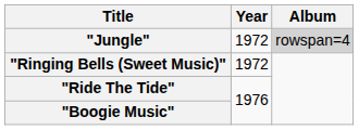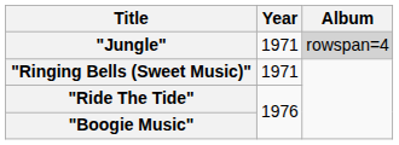 <table class="wikitable plainrowheaders" style="text-align:center;">
 <tr>
 <th scope="col" rowspan="1" style="width:14.5em;">Title</th>
 <th scope="col" rowspan="1" style="width:1em;">Year</th>
 <th rowspan="1" scope="col">Album</th>
 </tr>
 <tr>
 <th scope="row">"Jungle"</th>
-<td>1972</td>
+<td>1971</td>
 <td style="background: lightgrey;">rowspan=4 </td>
 </tr>
 <tr>
 <th scope="row">"Ringing Bells (Sweet Music)"</th>
-<td>1972</td>
+<td>1971</td>
 </tr>
 <tr>
 <th scope="row">"Ride The Tide"</th>
 <td rowspan=2>1976</td>
 </tr>
 <tr>
 <th scope="row">"Boogie Music"</th>
 </tr>
 </table>
